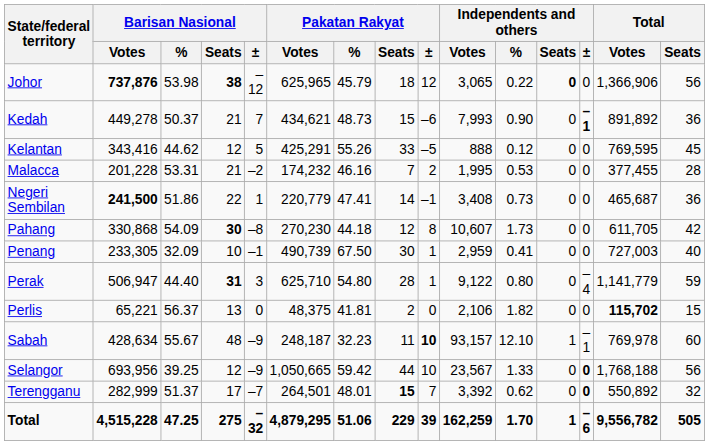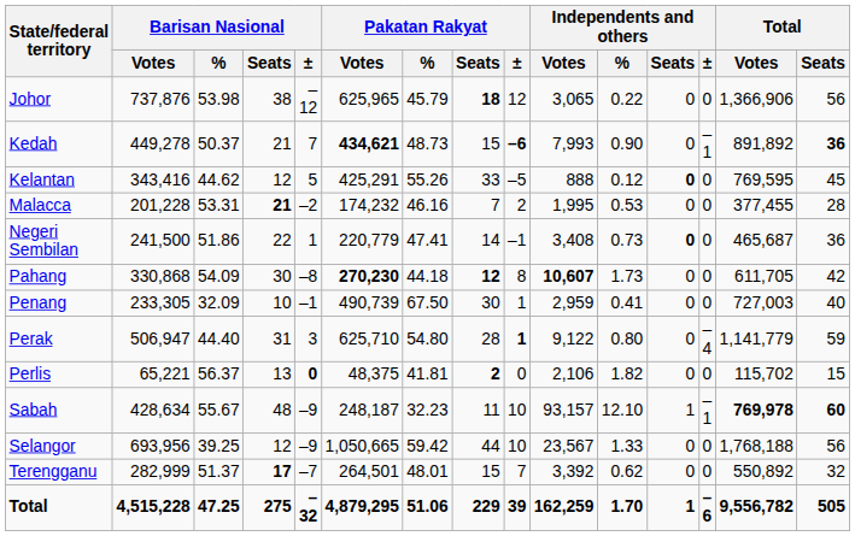 <table class="wikitable sortable" style=text-align:right>
 <tr>
 <th rowspan=2>State/federal territory</th>
 <th colspan=4><a href='#'>Barisan Nasional</a></th>
 <th colspan=4><a href='#'>Pakatan Rakyat</a></th>
 <th colspan=4>Independents and others</th>
 <th colspan=2>Total</th>
 </tr>
 <tr>
 <th>Votes</th>
 <th>%</th>
 <th>Seats</th>
 <th>±</th>
 <th>Votes</th>
 <th>%</th>
 <th>Seats</th>
 <th>±</th>
 <th>Votes</th>
 <th>%</th>
 <th>Seats</th>
 <th>±</th>
 <th>Votes</th>
 <th>Seats</th>
 </tr>
 <tr>
 <td align=left><a href='#'>Johor</a></td>
-<td><strong>737,876</strong></td>
+<td>737,876</td>
 <td>53.98</td>
-<td><strong>38</strong></td>
+<td>38</td>
 <td>–12</td>
 <td>625,965</td>
 <td>45.79</td>
-<td>18</td>
+<td><strong>18</strong></td>
 <td>12</td>
 <td>3,065</td>
 <td>0.22</td>
-<td><strong>0</strong></td>
+<td>0</td>
 <td>0</td>
 <td>1,366,906</td>
 <td>56</td>
 </tr>
 <tr>
 <td align=left><a href='#'>Kedah</a></td>
 <td>449,278</td>
 <td>50.37</td>
 <td>21</td>
 <td>7</td>
-<td>434,621</td>
+<td><strong>434,621</strong></td>
 <td>48.73</td>
 <td>15</td>
-<td>–6</td>
+<td><strong>–6</strong></td>
 <td>7,993</td>
 <td>0.90</td>
 <td>0</td>
-<td><strong>–1</strong></td>
+<td>–1</td>
 <td>891,892</td>
-<td>36</td>
+<td><strong>36</strong></td>
 </tr>
 <tr>
 <td align=left><a href='#'>Kelantan</a></td>
 <td>343,416</td>
 <td>44.62</td>
 <td>12</td>
 <td>5</td>
 <td>425,291</td>
 <td>55.26</td>
 <td>33</td>
 <td>–5</td>
 <td>888</td>
 <td>0.12</td>
-<td>0</td>
+<td><strong>0</strong></td>
 <td>0</td>
 <td>769,595</td>
 <td>45</td>
 </tr>
 <tr>
 <td align=left><a href='#'>Malacca</a></td>
 <td>201,228</td>
 <td>53.31</td>
-<td>21</td>
+<td><strong>21</strong></td>
 <td>–2</td>
 <td>174,232</td>
 <td>46.16</td>
 <td>7</td>
 <td>2</td>
 <td>1,995</td>
 <td>0.53</td>
 <td>0</td>
 <td>0</td>
 <td>377,455</td>
 <td>28</td>
 </tr>
 <tr>
 <td align=left><a href='#'>Negeri Sembilan</a></td>
-<td><strong>241,500</strong></td>
+<td>241,500</td>
 <td>51.86</td>
 <td>22</td>
 <td>1</td>
 <td>220,779</td>
 <td>47.41</td>
 <td>14</td>
 <td>–1</td>
 <td>3,408</td>
 <td>0.73</td>
-<td>0</td>
+<td><strong>0</strong></td>
 <td>0</td>
 <td>465,687</td>
 <td>36</td>
 </tr>
 <tr>
 <td align=left><a href='#'>Pahang</a></td>
 <td>330,868</td>
 <td>54.09</td>
-<td><strong>30</strong></td>
+<td>30</td>
 <td>–8</td>
-<td>270,230</td>
+<td><strong>270,230</strong></td>
 <td>44.18</td>
-<td>12</td>
+<td><strong>12</strong></td>
 <td>8</td>
-<td>10,607</td>
+<td><strong>10,607</strong></td>
 <td>1.73</td>
 <td>0</td>
 <td>0</td>
 <td>611,705</td>
 <td>42</td>
 </tr>
 <tr>
 <td align=left><a href='#'>Penang</a></td>
 <td>233,305</td>
 <td>32.09</td>
 <td>10</td>
 <td>–1</td>
 <td>490,739</td>
 <td>67.50</td>
 <td>30</td>
 <td>1</td>
 <td>2,959</td>
 <td>0.41</td>
 <td>0</td>
 <td>0</td>
 <td>727,003</td>
 <td>40</td>
 </tr>
 <tr>
 <td align=left><a href='#'>Perak</a></td>
 <td>506,947</td>
 <td>44.40</td>
-<td><strong>31</strong></td>
+<td>31</td>
 <td>3</td>
 <td>625,710</td>
 <td>54.80</td>
 <td>28</td>
-<td>1</td>
+<td><strong>1</strong></td>
 <td>9,122</td>
 <td>0.80</td>
 <td>0</td>
 <td>–4</td>
 <td>1,141,779</td>
 <td>59</td>
 </tr>
 <tr>
 <td align=left><a href='#'>Perlis</a></td>
 <td>65,221</td>
 <td>56.37</td>
 <td>13</td>
-<td>0</td>
+<td><strong>0</strong></td>
 <td>48,375</td>
 <td>41.81</td>
-<td>2</td>
+<td><strong>2</strong></td>
 <td>0</td>
 <td>2,106</td>
 <td>1.82</td>
 <td>0</td>
 <td>0</td>
-<td><strong>115,702</strong></td>
+<td>115,702</td>
 <td>15</td>
 </tr>
 <tr>
 <td align=left><a href='#'>Sabah</a></td>
 <td>428,634</td>
 <td>55.67</td>
 <td>48</td>
 <td>–9</td>
 <td>248,187</td>
 <td>32.23</td>
 <td>11</td>
-<td><strong>10</strong></td>
+<td>10</td>
 <td>93,157</td>
 <td>12.10</td>
 <td>1</td>
 <td>–1</td>
-<td>769,978</td>
-<td>60</td>
+<td><strong>769,978</strong></td>
+<td><strong>60</strong></td>
 </tr>
 <tr>
 <td align=left><a href='#'>Selangor</a></td>
 <td>693,956</td>
 <td>39.25</td>
 <td>12</td>
 <td>–9</td>
 <td>1,050,665</td>
 <td>59.42</td>
 <td>44</td>
 <td>10</td>
 <td>23,567</td>
 <td>1.33</td>
 <td>0</td>
-<td><strong>0</strong></td>
+<td>0</td>
 <td>1,768,188</td>
 <td>56</td>
 </tr>
 <tr>
 <td align=left><a href='#'>Terengganu</a></td>
 <td>282,999</td>
 <td>51.37</td>
-<td>17</td>
+<td><strong>17</strong></td>
 <td>–7</td>
 <td>264,501</td>
 <td>48.01</td>
-<td><strong>15</strong></td>
+<td>15</td>
 <td>7</td>
 <td>3,392</td>
 <td>0.62</td>
 <td>0</td>
-<td><strong>0</strong></td>
+<td>0</td>
 <td>550,892</td>
 <td>32</td>
 </tr>
 <tr>
 <td align=left><strong>Total</strong></td>
 <td><strong>4,515,228</strong></td>
 <td><strong>47.25</strong></td>
 <td><strong>275</strong></td>
 <td><strong>–32</strong></td>
 <td><strong>4,879,295</strong></td>
 <td><strong>51.06</strong></td>
 <td><strong>229</strong></td>
 <td><strong>39</strong></td>
 <td><strong>162,259</strong></td>
 <td><strong>1.70</strong></td>
 <td><strong>1</strong></td>
 <td><strong>–6</strong></td>
 <td><strong>9,556,782</strong></td>
 <td><strong>505</strong></td>
 </tr>
 </table>
